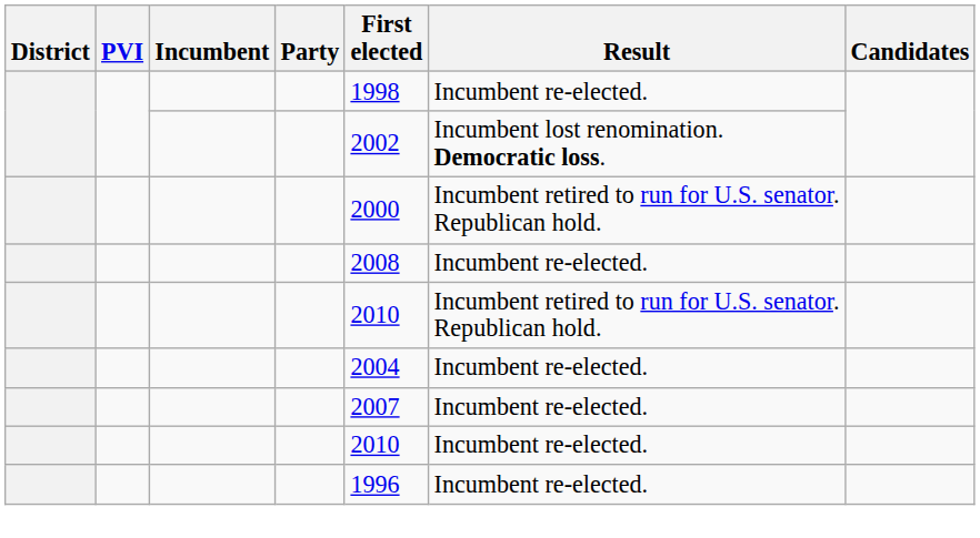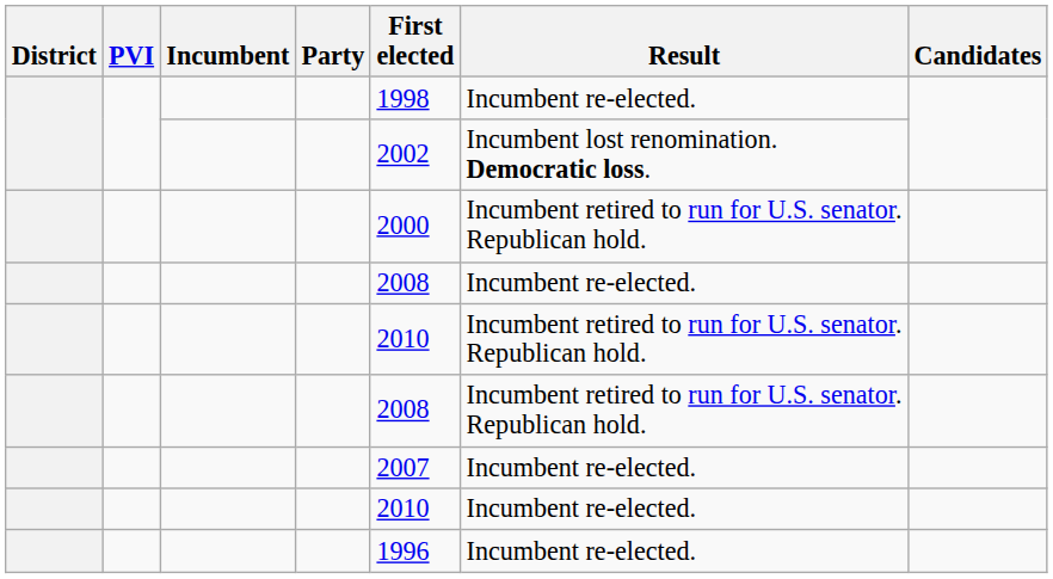 <table class="wikitable sortable">
 <tr valign=bottom>
 <th>District</th>
 <th><a href='#'>PVI</a></th>
 <th>Incumbent</th>
 <th>Party</th>
 <th>First<br>elected</th>
 <th>Result</th>
 <th>Candidates</th>
 </tr>
 <tr>
 <th rowspan=2></th>
 <td rowspan=2 ></td>
 <td></td>
 <td></td>
 <td><a href='#'>1998</a></td>
 <td>Incumbent re-elected.</td>
 <td rowspan=2 nowrap></td>
 </tr>
 <tr>
 <td><br></td>
 <td></td>
 <td><a href='#'>2002</a></td>
 <td>Incumbent lost renomination.<br><strong>Democratic loss</strong>.</td>
 </tr>
 <tr>
 <th></th>
 <td></td>
 <td></td>
 <td></td>
 <td><a href='#'>2000</a></td>
 <td>Incumbent retired to <a href='#'>run for U.S. senator</a>.<br>Republican hold.</td>
 <td nowrap></td>
 </tr>
 <tr>
 <th></th>
 <td></td>
 <td><br></td>
 <td></td>
 <td><a href='#'>2008</a></td>
 <td>Incumbent re-elected.</td>
 <td nowrap></td>
 </tr>
 <tr>
 <th></th>
 <td></td>
 <td></td>
 <td></td>
 <td><a href='#'>2010</a></td>
 <td>Incumbent retired to <a href='#'>run for U.S. senator</a>.<br>Republican hold.</td>
 <td nowrap></td>
 </tr>
 <tr>
 <th></th>
 <td></td>
 <td></td>
 <td></td>
-<td><a href='#'>2004</a></td>
-<td>Incumbent re-elected.</td>
+<td><a href='#'>2008</a></td>
+<td>Incumbent retired to <a href='#'>run for U.S. senator</a>.<br>Republican hold.</td>
 <td nowrap></td>
 </tr>
 <tr>
 <th></th>
 <td></td>
 <td></td>
 <td></td>
 <td><a href='#'>2007</a></td>
 <td>Incumbent re-elected.</td>
 <td nowrap></td>
 </tr>
 <tr>
 <th></th>
 <td></td>
 <td></td>
 <td></td>
 <td><a href='#'>2010</a></td>
 <td>Incumbent re-elected.</td>
 <td nowrap></td>
 </tr>
 <tr>
 <th></th>
 <td></td>
 <td></td>
 <td></td>
 <td><a href='#'>1996</a></td>
 <td>Incumbent re-elected.</td>
 <td nowrap></td>
 </tr>
 </table>
